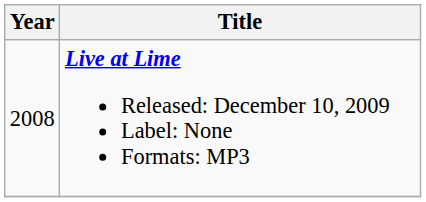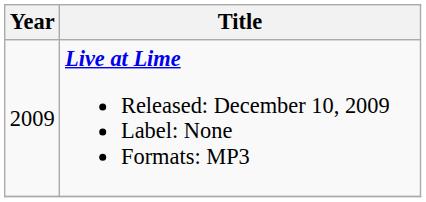 <table class="wikitable">
 <tr>
 <th>Year</th>
 <th width="250">Title</th>
 </tr>
 <tr>
-<td>2008</td>
+<td>2009</td>
 <td><strong><em><a href='#'>Live at Lime</a></em></strong><br><ul><li>Released: December 10, 2009</li><li>Label: None</li><li>Formats: MP3</li></ul></td>
 </tr>
 <tr>
 </tr>
 </table>
